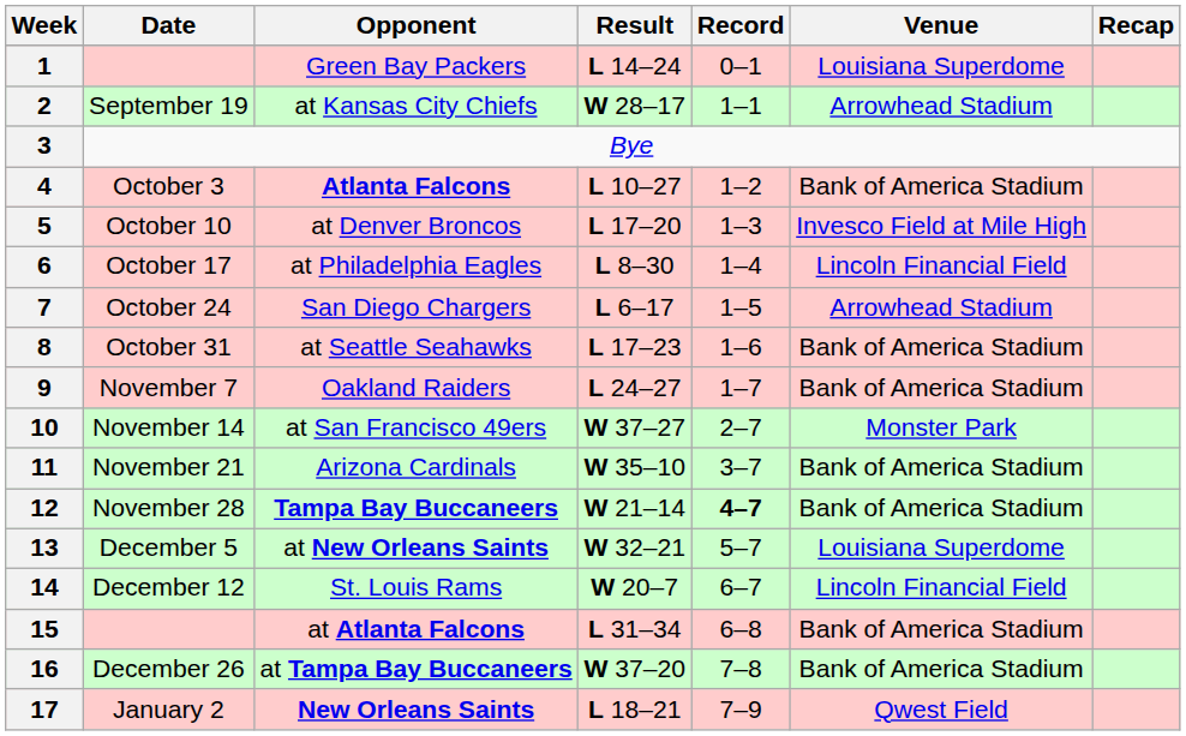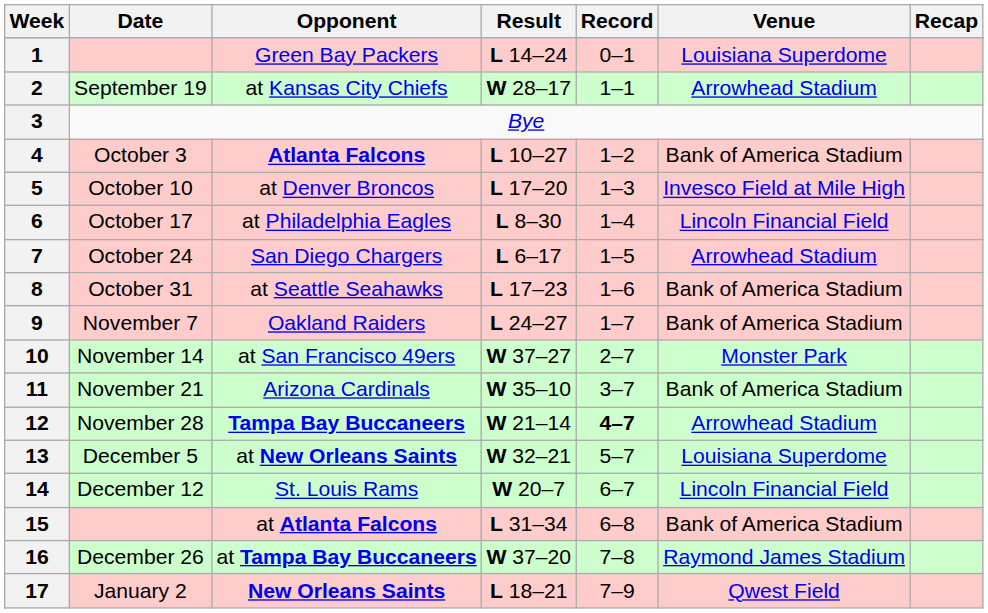 <table class="wikitable" style="text-align:center">
 <tr>
 <th>Week</th>
 <th>Date</th>
 <th>Opponent</th>
 <th>Result</th>
 <th>Record</th>
 <th>Venue</th>
 <th>Recap</th>
 </tr>
 <tr>
 </tr>
 <tr align="center" bgcolor="#fcc">
 <th>1</th>
 <td></td>
 <td><a href='#'>Green Bay Packers</a></td>
 <td><strong>L</strong> 14–24</td>
 <td>0–1</td>
 <td><a href='#'>Louisiana Superdome</a></td>
 <td></td>
 </tr>
 <tr align="center" bgcolor="#cfc">
 <th>2</th>
 <td>September 19</td>
 <td>at <a href='#'>Kansas City Chiefs</a></td>
 <td><strong>W</strong> 28–17</td>
 <td>1–1</td>
 <td><a href='#'>Arrowhead Stadium</a></td>
 <td></td>
 </tr>
 <tr align="center">
 <th>3</th>
 <td colspan="6"><em><a href='#'>Bye</a></em></td>
 </tr>
 <tr align="center" bgcolor="#fcc">
 <th>4</th>
 <td>October 3</td>
 <td><strong><a href='#'>Atlanta Falcons</a></strong></td>
 <td><strong>L</strong> 10–27</td>
 <td>1–2</td>
 <td>Bank of America Stadium</td>
 <td></td>
 </tr>
 <tr align="center" bgcolor="#fcc">
 <th>5</th>
 <td>October 10</td>
 <td>at <a href='#'>Denver Broncos</a></td>
 <td><strong>L</strong> 17–20</td>
 <td>1–3</td>
 <td><a href='#'>Invesco Field at Mile High</a></td>
 <td></td>
 </tr>
 <tr align="center" bgcolor="#fcc">
 <th>6</th>
 <td>October 17</td>
 <td>at <a href='#'>Philadelphia Eagles</a></td>
 <td><strong>L</strong> 8–30</td>
 <td>1–4</td>
 <td><a href='#'>Lincoln Financial Field</a></td>
 <td></td>
 </tr>
 <tr align="center" bgcolor="#fcc">
 <th>7</th>
 <td>October 24</td>
 <td><a href='#'>San Diego Chargers</a></td>
 <td><strong>L</strong> 6–17</td>
 <td>1–5</td>
 <td><a href='#'>Arrowhead Stadium</a></td>
 <td></td>
 </tr>
 <tr align="center" bgcolor="#fcc">
 <th>8</th>
 <td>October 31</td>
 <td>at <a href='#'>Seattle Seahawks</a></td>
 <td><strong>L</strong> 17–23</td>
 <td>1–6</td>
 <td>Bank of America Stadium</td>
 <td></td>
 </tr>
 <tr align="center" bgcolor="#fcc">
 <th>9</th>
 <td>November 7</td>
 <td><a href='#'>Oakland Raiders</a></td>
 <td><strong>L</strong> 24–27</td>
 <td>1–7</td>
 <td>Bank of America Stadium</td>
 <td></td>
 </tr>
 <tr align="center" bgcolor="#cfc">
 <th>10</th>
 <td>November 14</td>
 <td>at <a href='#'>San Francisco 49ers</a></td>
 <td><strong>W</strong> 37–27</td>
 <td>2–7</td>
 <td><a href='#'>Monster Park</a></td>
 <td></td>
 </tr>
 <tr align="center" bgcolor="#cfc">
 <th>11</th>
 <td>November 21</td>
 <td><a href='#'>Arizona Cardinals</a></td>
 <td><strong>W</strong> 35–10</td>
 <td>3–7</td>
 <td>Bank of America Stadium</td>
 <td></td>
 </tr>
 <tr align="center" bgcolor="#cfc">
 <th>12</th>
 <td>November 28</td>
 <td><strong><a href='#'>Tampa Bay Buccaneers</a></strong></td>
 <td><strong>W</strong> 21–14</td>
 <td><strong>4–7</strong></td>
-<td>Bank of America Stadium</td>
+<td><a href='#'>Arrowhead Stadium</a></td>
 <td></td>
 </tr>
 <tr align="center" bgcolor="#cfc">
 <th>13</th>
 <td>December 5</td>
 <td>at <strong><a href='#'>New Orleans Saints</a></strong></td>
 <td><strong>W</strong> 32–21</td>
 <td>5–7</td>
 <td><a href='#'>Louisiana Superdome</a></td>
 <td></td>
 </tr>
 <tr align="center" bgcolor="#cfc">
 <th>14</th>
 <td>December 12</td>
 <td><a href='#'>St. Louis Rams</a></td>
 <td><strong>W</strong> 20–7</td>
 <td>6–7</td>
 <td><a href='#'>Lincoln Financial Field</a></td>
 <td></td>
 </tr>
 <tr align="center" bgcolor="#fcc">
 <th>15</th>
 <td></td>
 <td>at <strong><a href='#'>Atlanta Falcons</a></strong></td>
 <td><strong>L</strong> 31–34 </td>
 <td>6–8</td>
 <td>Bank of America Stadium</td>
 <td></td>
 </tr>
 <tr align="center" bgcolor="#cfc">
 <th>16</th>
 <td>December 26</td>
 <td>at <strong><a href='#'>Tampa Bay Buccaneers</a></strong></td>
 <td><strong>W</strong> 37–20</td>
 <td>7–8</td>
-<td>Bank of America Stadium</td>
+<td><a href='#'>Raymond James Stadium</a></td>
 <td></td>
 </tr>
 <tr align="center" bgcolor="#fcc">
 <th>17</th>
 <td>January 2</td>
 <td><strong><a href='#'>New Orleans Saints</a></strong></td>
 <td><strong>L</strong> 18–21</td>
 <td>7–9</td>
 <td><a href='#'>Qwest Field</a></td>
 <td></td>
 </tr>
 </table>
